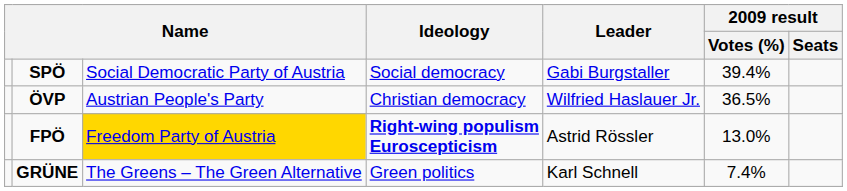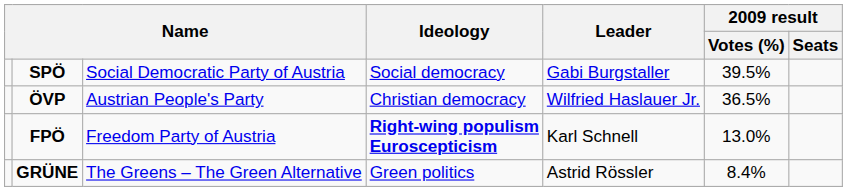 <table class="wikitable">
 <tr>
 <th rowspan="2" colspan="3">Name</th>
 <th rowspan="2">Ideology</th>
 <th rowspan="2">Leader</th>
 <th colspan="2">2009 result</th>
 </tr>
 <tr>
 <th>Votes (%)</th>
 <th>Seats</th>
 </tr>
 <tr>
 <td style="background:"></td>
 <td style="text-align:center;"><strong>SPÖ</strong></td>
 <td><a href='#'>Social Democratic Party of Austria</a><br></td>
 <td><a href='#'>Social democracy</a></td>
 <td><a href='#'>Gabi Burgstaller</a></td>
-<td style="text-align:center;">39.4%</td>
+<td style="text-align:center;">39.5%</td>
 <td></td>
 </tr>
 <tr>
 <td style="background:"></td>
 <td style="text-align:center;"><strong>ÖVP</strong></td>
 <td><a href='#'>Austrian People's Party</a><br></td>
 <td><a href='#'>Christian democracy</a></td>
 <td><a href='#'>Wilfried Haslauer Jr.</a></td>
 <td style="text-align:center;">36.5%</td>
 <td></td>
 </tr>
 <tr>
 <td style="background:"></td>
 <td style="text-align:center;"><strong>FPÖ</strong></td>
-<td style="background: gold;"><a href='#'>Freedom Party of Austria</a><br></td>
+<td><a href='#'>Freedom Party of Austria</a><br></td>
 <td><strong><a href='#'>Right-wing populism</a><br><a href='#'>Euroscepticism</a></strong></td>
-<td>Astrid Rössler</td>
+<td>Karl Schnell</td>
 <td style="text-align:center;">13.0%</td>
 <td></td>
 </tr>
 <tr>
 <td style="background:"></td>
 <td style="text-align:center;"><strong>GRÜNE</strong></td>
 <td><a href='#'>The Greens – The Green Alternative</a><br></td>
 <td><a href='#'>Green politics</a></td>
-<td>Karl Schnell</td>
-<td style="text-align:center;">7.4%</td>
+<td>Astrid Rössler</td>
+<td style="text-align:center;">8.4%</td>
 <td></td>
 </tr>
 </table>
